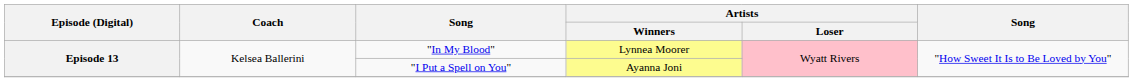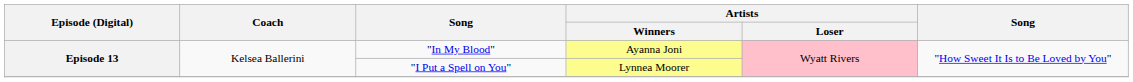 <table class="wikitable" style="text-align: center; width:100%;">
 <tr>
 <th rowspan="2" style="width:15%;">Episode (Digital)</th>
 <th rowspan="2" style="width:15%;">Coach</th>
 <th rowspan="2" style="width:18%;">Song</th>
 <th colspan="2" style="width:30%;">Artists</th>
 <th rowspan="2" style="width:18%;">Song</th>
 </tr>
 <tr>
 <th style="width:15%;">Winners</th>
 <th style="width:15%;">Loser</th>
 </tr>
 <tr>
 <th rowspan="2">Episode 13<br><small></small></th>
 <td rowspan="2">Kelsea Ballerini</td>
 <td>"<a href='#'>In My Blood</a>"</td>
-<td style="background:#fdfc8f;">Lynnea Moorer</td>
+<td style="background:#fdfc8f;">Ayanna Joni</td>
 <td rowspan="2" style="background:pink;">Wyatt Rivers</td>
 <td rowspan="2">"<a href='#'>How Sweet It Is to Be Loved by You</a>"</td>
 </tr>
 <tr>
 <td>"<a href='#'>I Put a Spell on You</a>"</td>
-<td style="background:#fdfc8f;">Ayanna Joni</td>
+<td style="background:#fdfc8f;">Lynnea Moorer</td>
 </tr>
 <tr>
 </tr>
 </table>
